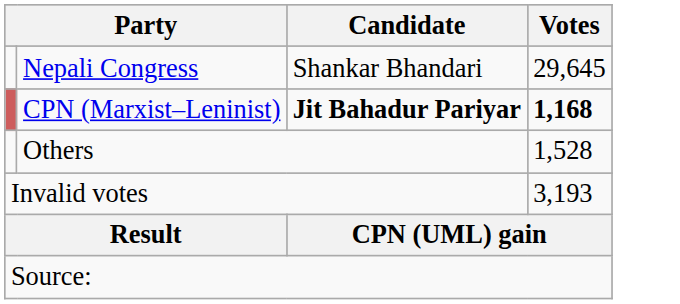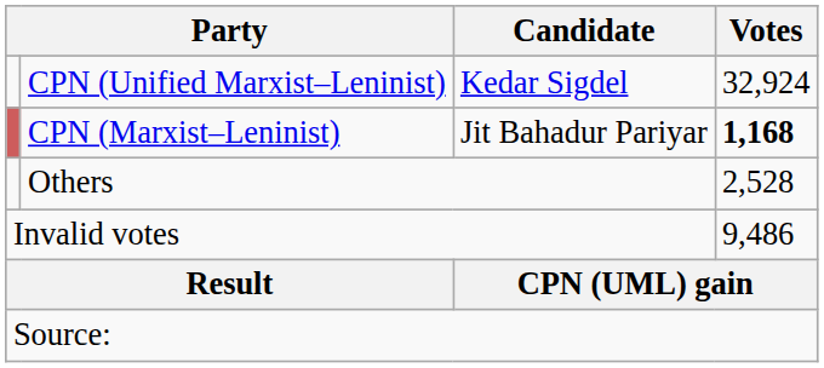 <table class="wikitable">
 <tr>
 <th colspan="2">Party</th>
 <th>Candidate</th>
 <th>Votes</th>
 </tr>
 <tr>
 <td style="background-color:"></td>
-<td><a href='#'>Nepali Congress</a></td>
-<td>Shankar Bhandari</td>
-<td>29,645</td>
+<td><a href='#'>CPN (Unified Marxist–Leninist)</a></td>
+<td><a href='#'>Kedar Sigdel</a></td>
+<td>32,924</td>
 </tr>
 <tr>
 <td style="background-color:indianred"></td>
 <td><a href='#'>CPN (Marxist–Leninist)</a></td>
-<td><strong>Jit Bahadur Pariyar</strong></td>
+<td>Jit Bahadur Pariyar</td>
 <td><strong>1,168</strong></td>
 </tr>
 <tr>
 <td></td>
 <td colspan="2">Others</td>
-<td>1,528</td>
+<td>2,528</td>
 </tr>
 <tr>
 <td colspan="3">Invalid votes</td>
-<td>3,193</td>
+<td>9,486</td>
 </tr>
 <tr>
 <th colspan="2">Result</th>
 <th colspan="2">CPN (UML) gain</th>
 </tr>
 <tr>
 <td colspan="4">Source: </td>
 </tr>
 </table>
